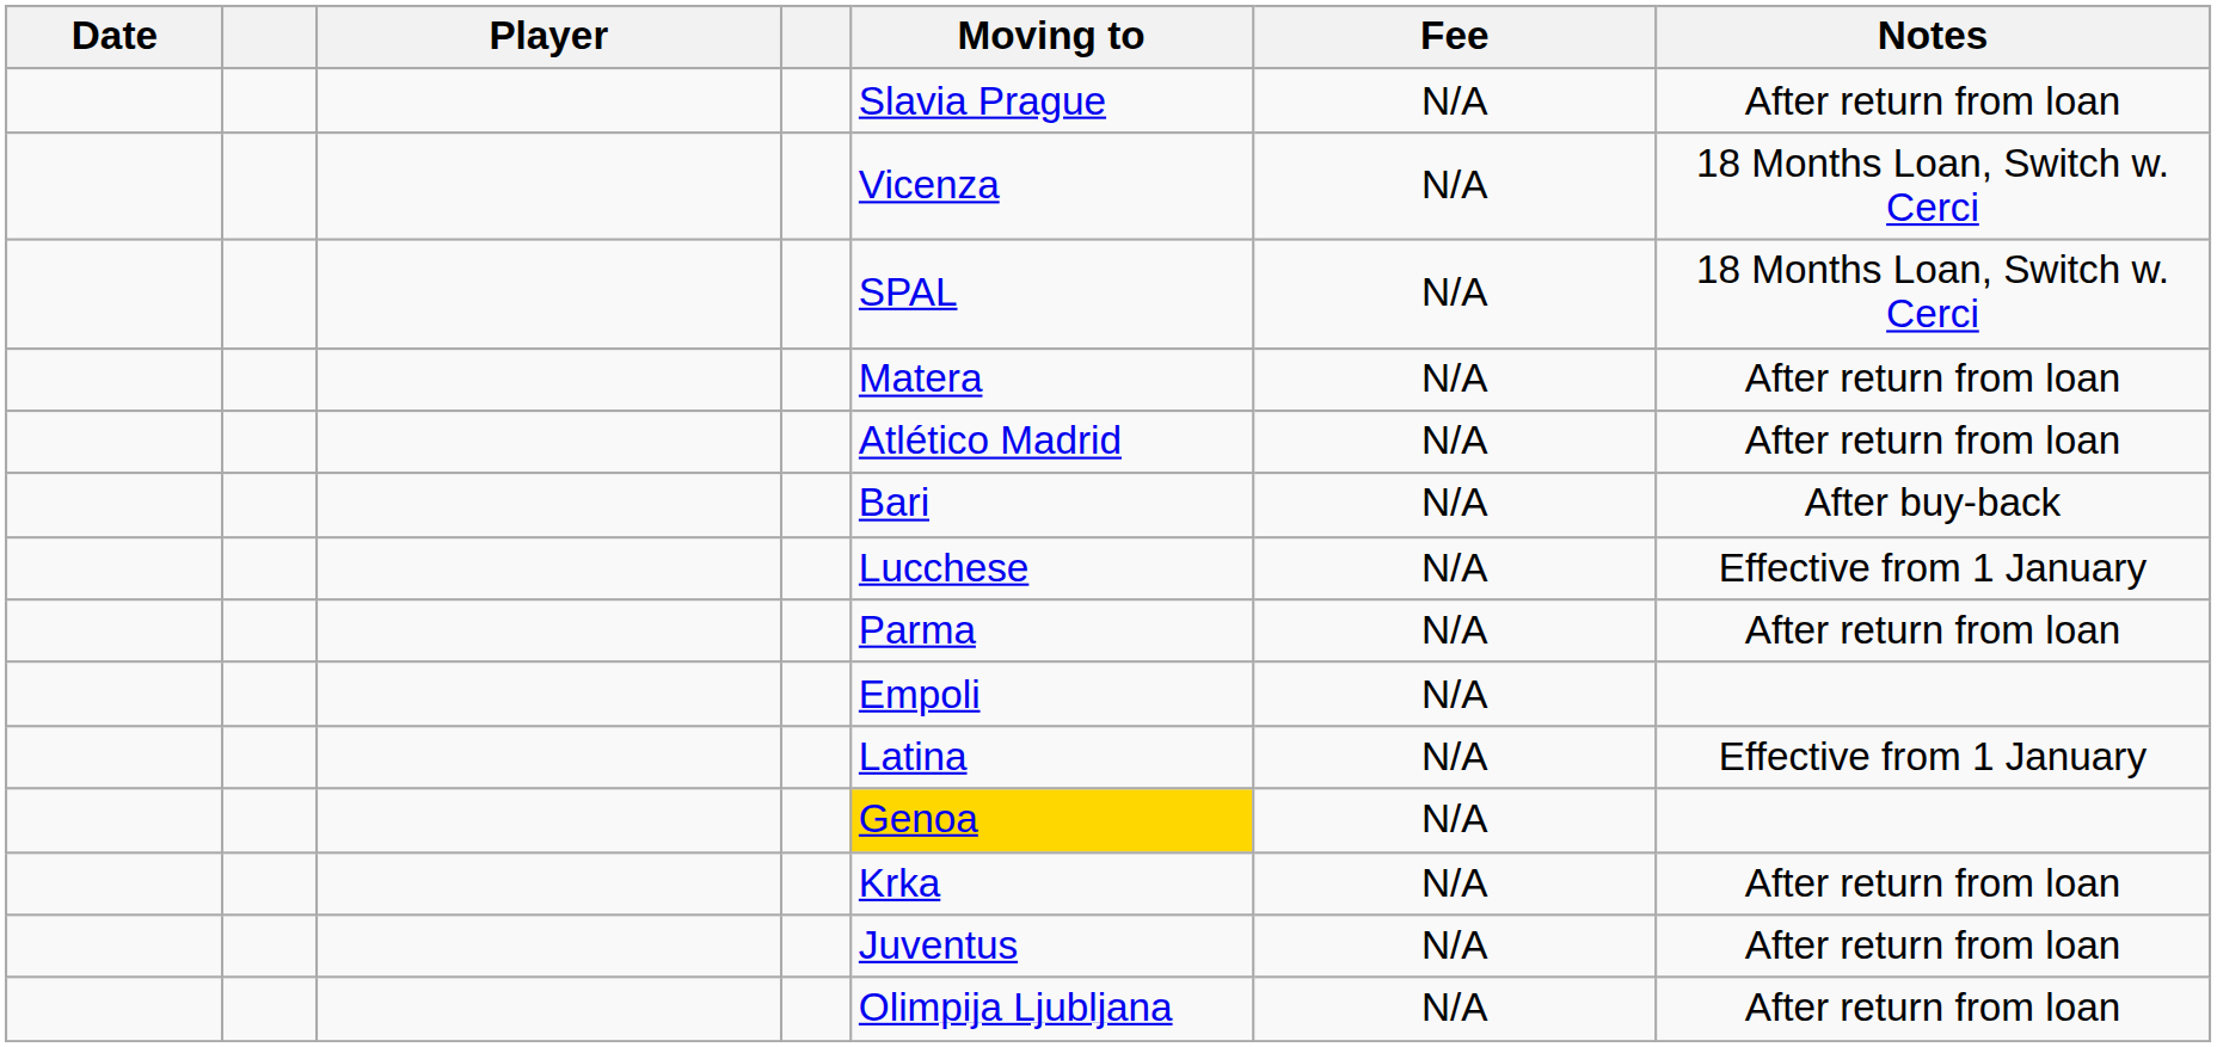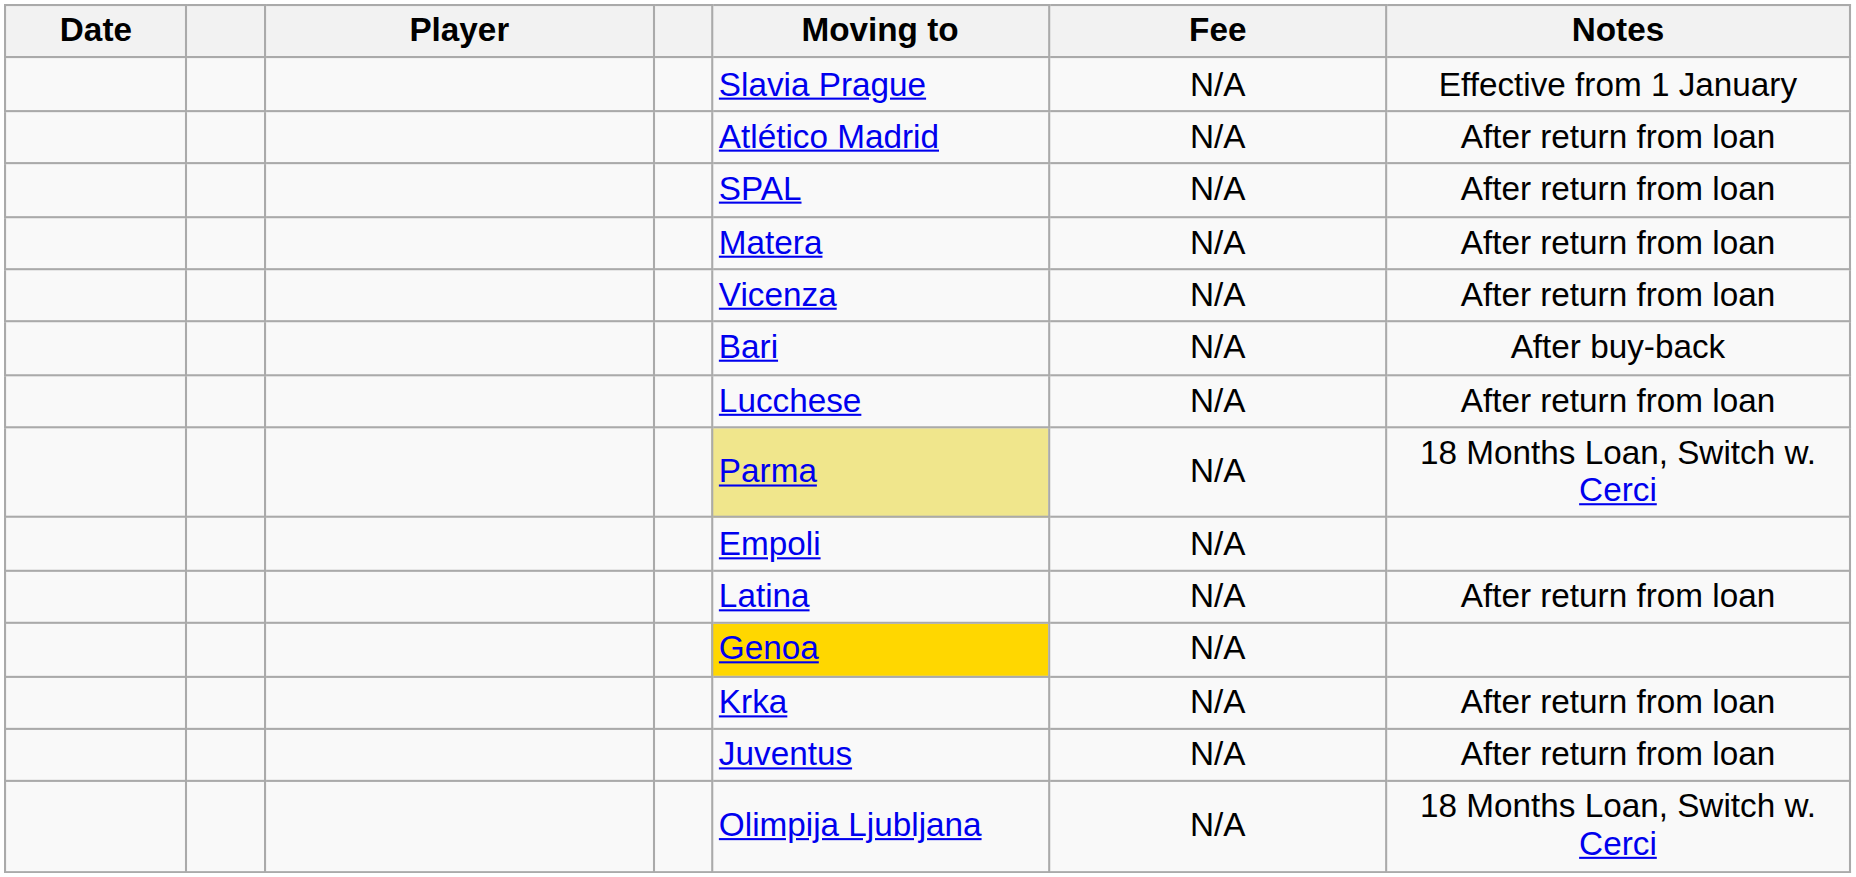 <table class="wikitable sortable">
 <tr>
 <th style="width:80px;">Date</th>
 <th style="width:30px;"></th>
 <th style="width:180px;">Player</th>
 <th style="width:20px;"></th>
 <th style="width:155px;">Moving to</th>
 <th style="width:155px;" class="unsortable">Fee</th>
 <th style="width:215px;" class="unsortable">Notes</th>
 </tr>
 <tr>
 <td></td>
 <td align=center></td>
 <td> </td>
 <td></td>
 <td> <a href='#'>Slavia Prague</a></td>
 <td align=center>N/A</td>
-<td align=center>After return from loan</td>
+<td align=center>Effective from 1 January</td>
 </tr>
 <tr>
 <td></td>
 <td align=center></td>
 <td> </td>
 <td></td>
-<td> <a href='#'>Vicenza</a></td>
+<td> <a href='#'>Atlético Madrid</a></td>
 <td align=center>N/A</td>
-<td align=center>18 Months Loan, Switch w. <a href='#'>Cerci</a></td>
+<td align=center>After return from loan</td>
 </tr>
 <tr>
 <td></td>
 <td align=center></td>
 <td> </td>
 <td></td>
 <td> <a href='#'>SPAL</a></td>
 <td align=center>N/A</td>
-<td align=center>18 Months Loan, Switch w. <a href='#'>Cerci</a></td>
+<td align=center>After return from loan</td>
 </tr>
 <tr>
 <td></td>
 <td align=center></td>
 <td>  </td>
 <td></td>
 <td> <a href='#'>Matera</a></td>
 <td align=center>N/A</td>
 <td align=center>After return from loan</td>
 </tr>
 <tr>
 <td></td>
 <td align=center></td>
 <td> </td>
 <td></td>
-<td> <a href='#'>Atlético Madrid</a></td>
+<td> <a href='#'>Vicenza</a></td>
 <td align=center>N/A</td>
 <td align=center>After return from loan</td>
 </tr>
 <tr>
 <td></td>
 <td align=center></td>
 <td> </td>
 <td></td>
 <td> <a href='#'>Bari</a></td>
 <td align=center>N/A</td>
 <td align=center>After buy-back</td>
 </tr>
 <tr>
 <td></td>
 <td align=center></td>
 <td> </td>
 <td></td>
 <td> <a href='#'>Lucchese</a></td>
 <td align=center>N/A</td>
-<td align=center>Effective from 1 January</td>
+<td align=center>After return from loan</td>
 </tr>
 <tr>
 <td></td>
 <td align=center></td>
 <td> </td>
 <td></td>
-<td> <a href='#'>Parma</a></td>
+<td style="background: khaki;"> <a href='#'>Parma</a></td>
 <td align=center>N/A</td>
-<td align=center>After return from loan</td>
+<td align=center>18 Months Loan, Switch w. <a href='#'>Cerci</a></td>
 </tr>
 <tr>
 <td></td>
 <td align=center></td>
 <td> </td>
 <td></td>
 <td> <a href='#'>Empoli</a></td>
 <td align=center>N/A</td>
 <td align=center></td>
 </tr>
 <tr>
 <td></td>
 <td align=center></td>
 <td> </td>
 <td></td>
 <td> <a href='#'>Latina</a></td>
 <td align=center>N/A</td>
-<td align=center>Effective from 1 January</td>
+<td align=center>After return from loan</td>
 </tr>
 <tr>
 <td></td>
 <td align=center></td>
 <td> </td>
 <td></td>
 <td style="background: gold;"> <a href='#'>Genoa</a></td>
 <td align=center>N/A</td>
 <td align=center></td>
 </tr>
 <tr>
 <td></td>
 <td align=center></td>
 <td> </td>
 <td></td>
 <td> <a href='#'>Krka</a></td>
 <td align=center>N/A</td>
 <td align=center>After return from loan</td>
 </tr>
 <tr>
 <td></td>
 <td align=center></td>
 <td> </td>
 <td></td>
 <td> <a href='#'>Juventus</a></td>
 <td align=center>N/A</td>
 <td align=center>After return from loan</td>
 </tr>
 <tr>
 <td></td>
 <td align=center></td>
 <td> </td>
 <td></td>
 <td> <a href='#'>Olimpija Ljubljana</a></td>
 <td align=center>N/A</td>
-<td align=center>After return from loan</td>
+<td align=center>18 Months Loan, Switch w. <a href='#'>Cerci</a></td>
 </tr>
 <tr>
 </tr>
 </table>
